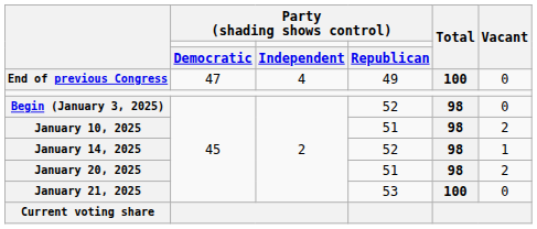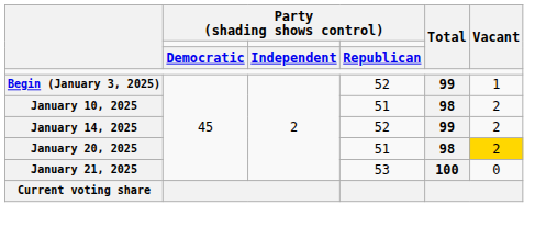 <table class="wikitable" style="text-align:center">
 <tr>
 <th scope="col" rowspan=3> </th>
 <th scope="col" colspan=3>Party<div>(shading shows control)</div></th>
 <th scope="col" rowspan=3>Total</th>
 <th scope="col" rowspan=3>Vacant</th>
 </tr>
 <tr style="height:5px">
 <td style="background-color:"></td>
 <td style="background-color:"></td>
 <td style="background-color:"></td>
 </tr>
 <tr>
 <th scope="col"><a href='#'>Democratic</a></th>
 <th scope="col"><a href='#'>Independent</a></th>
 <th scope="col"><a href='#'>Republican</a></th>
 </tr>
 <tr>
-<th scope="row" style="font-size:85%">End of <a href='#'>previous Congress</a></th>
-<td>47</td>
-<td>4</td>
-<td>49</td>
-<th>100</th>
-<td>0</td>
-</tr>
-<tr>
 <td colspan=6></td>
 </tr>
 <tr>
 <th scope="row" style="font-size:85%"><a href='#'>Begin</a> (January 3, 2025)</th>
 <td rowspan=5>45</td>
 <td rowspan=5>2</td>
 <td>52</td>
-<th>98</th>
-<td>0</td>
+<th>99</th>
+<td>1</td>
 </tr>
 <tr>
 <th scope="row" style="font-size:85%">January 10, 2025</th>
 <td>51</td>
 <th>98</th>
 <td>2</td>
 </tr>
 <tr>
 <th scope="row" style="font-size:85%">January 14, 2025</th>
 <td>52</td>
-<th>98</th>
-<td>1</td>
+<th>99</th>
+<td>2</td>
 </tr>
 <tr>
 <th scope="row" style="font-size:85%">January 20, 2025</th>
 <td>51</td>
 <th>98</th>
-<td>2</td>
+<td style="background: gold;">2</td>
 </tr>
 <tr>
 <th scope="row" style="font-size:85%">January 21, 2025</th>
 <td>53</td>
 <th>100</th>
 <td>0</td>
 </tr>
 <tr>
 <th scope="row" style="font-size:85%">Current voting share</th>
 <th colspan=2></th>
 <th></th>
 <th colspan=2> </th>
 </tr>
 </table>
